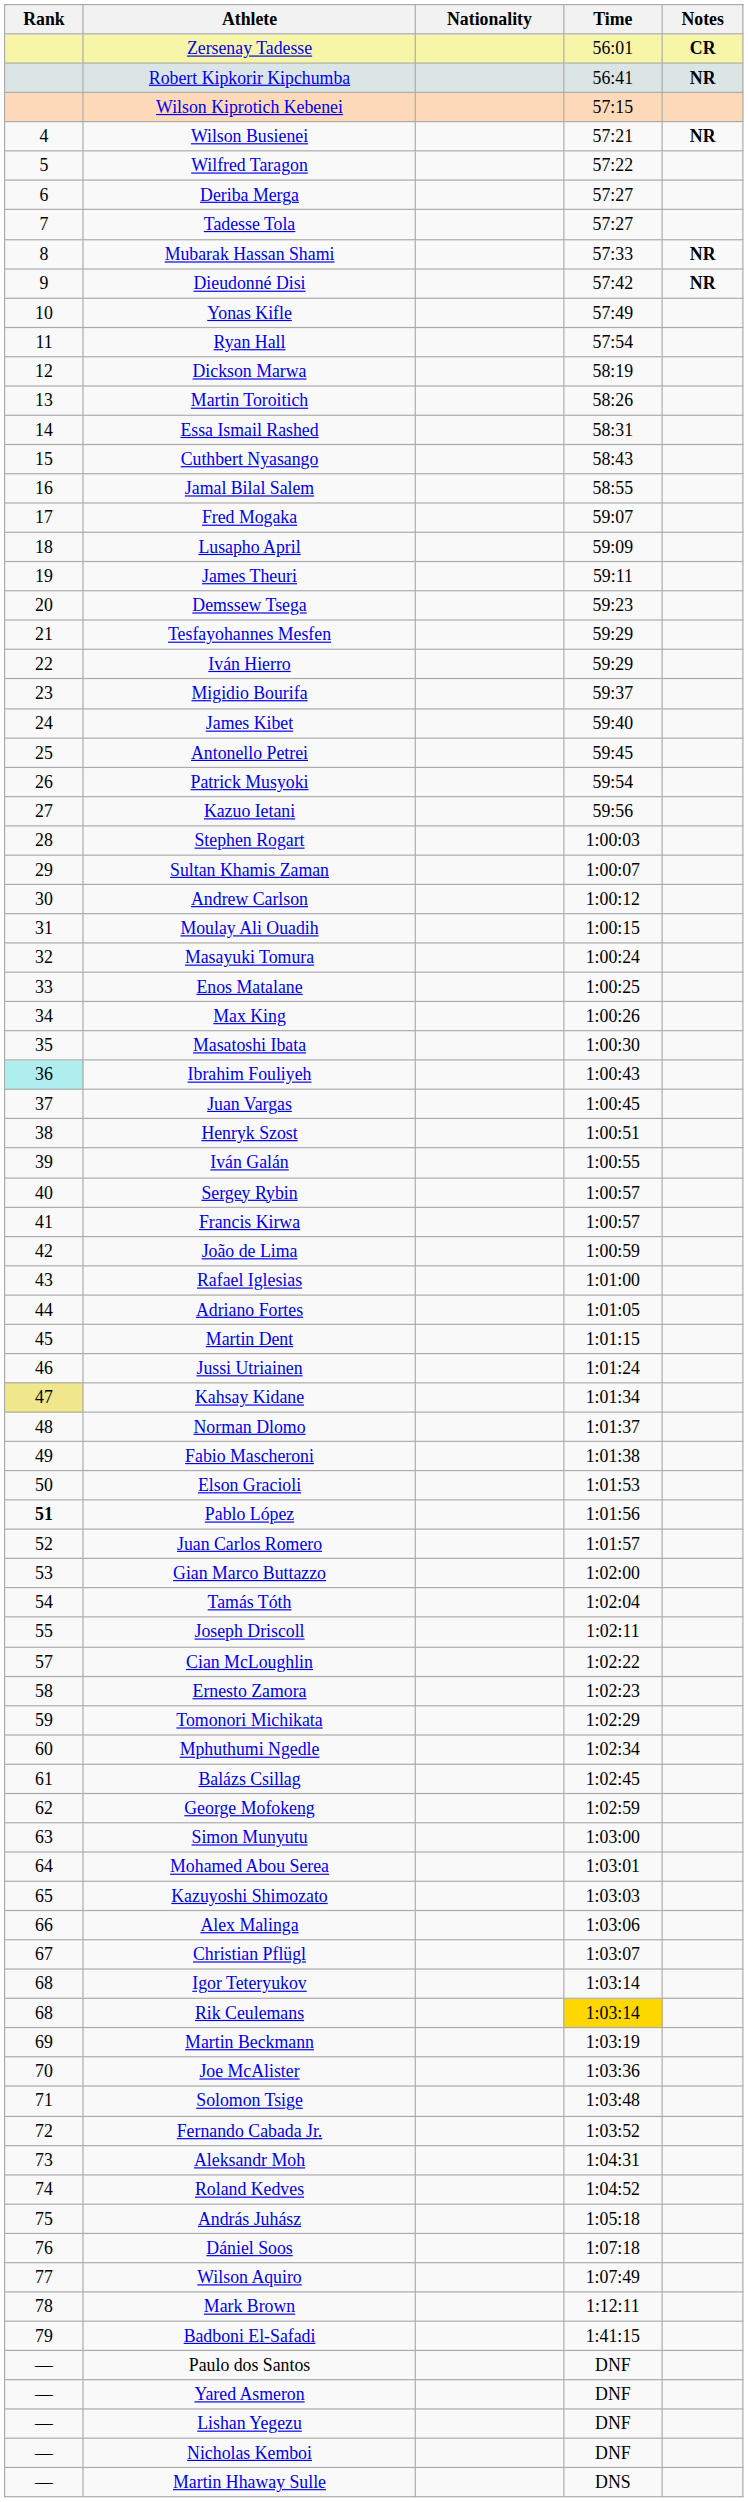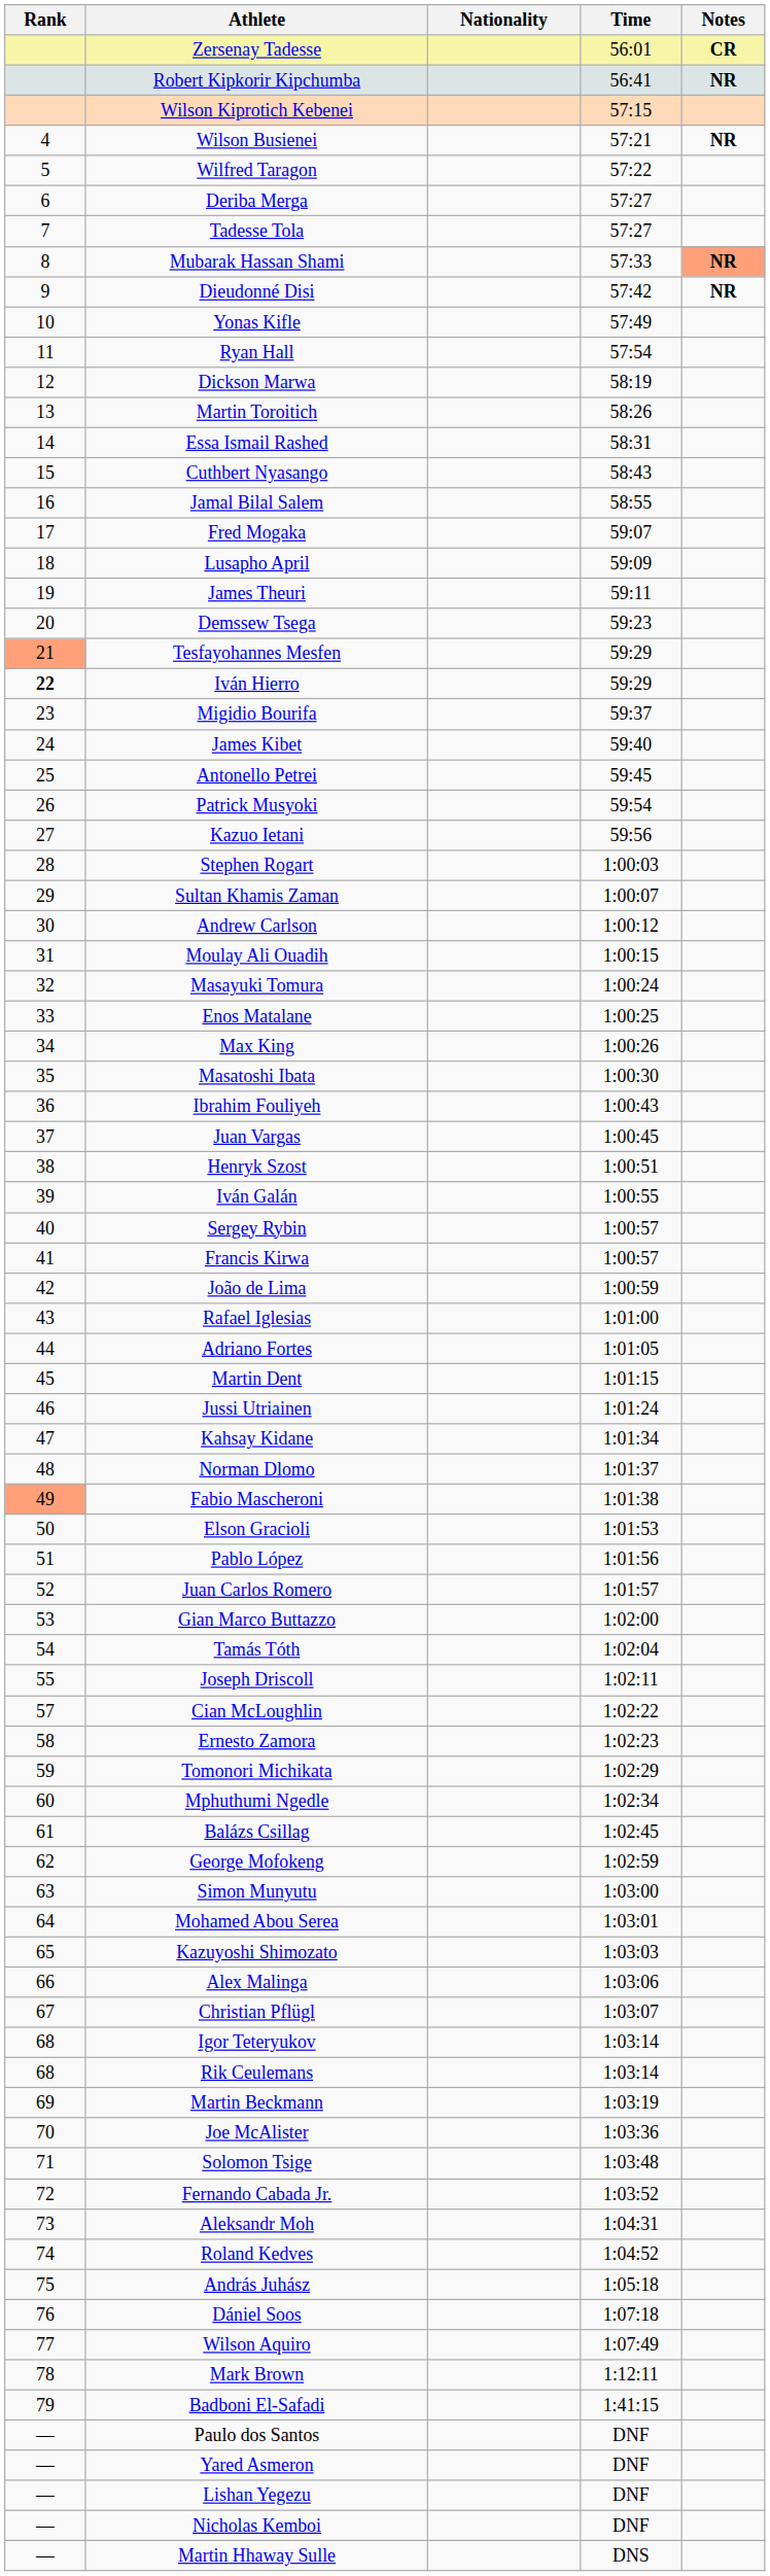 <table class="wikitable sortable" style=" text-align:center; font-size:95%;" width="50%">
 <tr>
 <th>Rank</th>
 <th>Athlete</th>
 <th>Nationality</th>
 <th>Time</th>
 <th>Notes</th>
 </tr>
 <tr bgcolor="#F7F6A8">
 <td align=center></td>
 <td><a href='#'>Zersenay Tadesse</a></td>
 <td></td>
 <td>56:01</td>
 <td><strong>CR</strong></td>
 </tr>
 <tr bgcolor="#DCE5E5">
 <td align=center></td>
 <td><a href='#'>Robert Kipkorir Kipchumba</a></td>
 <td></td>
 <td>56:41</td>
 <td><strong>NR</strong></td>
 </tr>
 <tr bgcolor="#FFDAB9">
 <td align=center></td>
 <td><a href='#'>Wilson Kiprotich Kebenei</a></td>
 <td></td>
 <td>57:15</td>
 <td></td>
 </tr>
 <tr>
 <td align=center>4</td>
 <td><a href='#'>Wilson Busienei</a></td>
 <td></td>
 <td>57:21</td>
 <td><strong>NR</strong></td>
 </tr>
 <tr>
 <td align=center>5</td>
 <td><a href='#'>Wilfred Taragon</a></td>
 <td></td>
 <td>57:22</td>
 <td></td>
 </tr>
 <tr>
 <td align=center>6</td>
 <td><a href='#'>Deriba Merga</a></td>
 <td></td>
 <td>57:27</td>
 <td></td>
 </tr>
 <tr>
 <td align=center>7</td>
 <td><a href='#'>Tadesse Tola</a></td>
 <td></td>
 <td>57:27</td>
 <td></td>
 </tr>
 <tr>
 <td align=center>8</td>
 <td><a href='#'>Mubarak Hassan Shami</a></td>
 <td></td>
 <td>57:33</td>
-<td><strong>NR</strong></td>
+<td style="background: lightsalmon;"><strong>NR</strong></td>
 </tr>
 <tr>
 <td align=center>9</td>
 <td><a href='#'>Dieudonné Disi</a></td>
 <td></td>
 <td>57:42</td>
 <td><strong>NR</strong></td>
 </tr>
 <tr>
 <td align=center>10</td>
 <td><a href='#'>Yonas Kifle</a></td>
 <td></td>
 <td>57:49</td>
 <td></td>
 </tr>
 <tr>
 <td align=center>11</td>
 <td><a href='#'>Ryan Hall</a></td>
 <td></td>
 <td>57:54</td>
 <td></td>
 </tr>
 <tr>
 <td align=center>12</td>
 <td><a href='#'>Dickson Marwa</a></td>
 <td></td>
 <td>58:19</td>
 <td></td>
 </tr>
 <tr>
 <td align=center>13</td>
 <td><a href='#'>Martin Toroitich</a></td>
 <td></td>
 <td>58:26</td>
 <td></td>
 </tr>
 <tr>
 <td align=center>14</td>
 <td><a href='#'>Essa Ismail Rashed</a></td>
 <td></td>
 <td>58:31</td>
 <td></td>
 </tr>
 <tr>
 <td align=center>15</td>
 <td><a href='#'>Cuthbert Nyasango</a></td>
 <td></td>
 <td>58:43</td>
 <td></td>
 </tr>
 <tr>
 <td align=center>16</td>
 <td><a href='#'>Jamal Bilal Salem</a></td>
 <td></td>
 <td>58:55</td>
 <td></td>
 </tr>
 <tr>
 <td align=center>17</td>
 <td><a href='#'>Fred Mogaka</a></td>
 <td></td>
 <td>59:07</td>
 <td></td>
 </tr>
 <tr>
 <td align=center>18</td>
 <td><a href='#'>Lusapho April</a></td>
 <td></td>
 <td>59:09</td>
 <td></td>
 </tr>
 <tr>
 <td align=center>19</td>
 <td><a href='#'>James Theuri</a></td>
 <td></td>
 <td>59:11</td>
 <td></td>
 </tr>
 <tr>
 <td align=center>20</td>
 <td><a href='#'>Demssew Tsega</a></td>
 <td></td>
 <td>59:23</td>
 <td></td>
 </tr>
 <tr>
-<td align=center>21</td>
+<td align=center style="background: lightsalmon;">21</td>
 <td><a href='#'>Tesfayohannes Mesfen</a></td>
 <td></td>
 <td>59:29</td>
 <td></td>
 </tr>
 <tr>
-<td align=center>22</td>
+<td align=center><strong>22</strong></td>
 <td><a href='#'>Iván Hierro</a></td>
 <td></td>
 <td>59:29</td>
 <td></td>
 </tr>
 <tr>
 <td align=center>23</td>
 <td><a href='#'>Migidio Bourifa</a></td>
 <td></td>
 <td>59:37</td>
 <td></td>
 </tr>
 <tr>
 <td align=center>24</td>
 <td><a href='#'>James Kibet</a></td>
 <td></td>
 <td>59:40</td>
 <td></td>
 </tr>
 <tr>
 <td align=center>25</td>
 <td><a href='#'>Antonello Petrei</a></td>
 <td></td>
 <td>59:45</td>
 <td></td>
 </tr>
 <tr>
 <td align=center>26</td>
 <td><a href='#'>Patrick Musyoki</a></td>
 <td></td>
 <td>59:54</td>
 <td></td>
 </tr>
 <tr>
 <td align=center>27</td>
 <td><a href='#'>Kazuo Ietani</a></td>
 <td></td>
 <td>59:56</td>
 <td></td>
 </tr>
 <tr>
 <td align=center>28</td>
 <td><a href='#'>Stephen Rogart</a></td>
 <td></td>
 <td>1:00:03</td>
 <td></td>
 </tr>
 <tr>
 <td align=center>29</td>
 <td><a href='#'>Sultan Khamis Zaman</a></td>
 <td></td>
 <td>1:00:07</td>
 <td></td>
 </tr>
 <tr>
 <td align=center>30</td>
 <td><a href='#'>Andrew Carlson</a></td>
 <td></td>
 <td>1:00:12</td>
 <td></td>
 </tr>
 <tr>
 <td align=center>31</td>
 <td><a href='#'>Moulay Ali Ouadih</a></td>
 <td></td>
 <td>1:00:15</td>
 <td></td>
 </tr>
 <tr>
 <td align=center>32</td>
 <td><a href='#'>Masayuki Tomura</a></td>
 <td></td>
 <td>1:00:24</td>
 <td></td>
 </tr>
 <tr>
 <td align=center>33</td>
 <td><a href='#'>Enos Matalane</a></td>
 <td></td>
 <td>1:00:25</td>
 <td></td>
 </tr>
 <tr>
 <td align=center>34</td>
 <td><a href='#'>Max King</a></td>
 <td></td>
 <td>1:00:26</td>
 <td></td>
 </tr>
 <tr>
 <td align=center>35</td>
 <td><a href='#'>Masatoshi Ibata</a></td>
 <td></td>
 <td>1:00:30</td>
 <td></td>
 </tr>
 <tr>
-<td align=center style="background: paleturquoise;">36</td>
+<td align=center>36</td>
 <td><a href='#'>Ibrahim Fouliyeh</a></td>
 <td></td>
 <td>1:00:43</td>
 <td></td>
 </tr>
 <tr>
 <td align=center>37</td>
 <td><a href='#'>Juan Vargas</a></td>
 <td></td>
 <td>1:00:45</td>
 <td></td>
 </tr>
 <tr>
 <td align=center>38</td>
 <td><a href='#'>Henryk Szost</a></td>
 <td></td>
 <td>1:00:51</td>
 <td></td>
 </tr>
 <tr>
 <td align=center>39</td>
 <td><a href='#'>Iván Galán</a></td>
 <td></td>
 <td>1:00:55</td>
 <td></td>
 </tr>
 <tr>
 <td align=center>40</td>
 <td><a href='#'>Sergey Rybin</a></td>
 <td></td>
 <td>1:00:57</td>
 <td></td>
 </tr>
 <tr>
 <td align=center>41</td>
 <td><a href='#'>Francis Kirwa</a></td>
 <td></td>
 <td>1:00:57</td>
 <td></td>
 </tr>
 <tr>
 <td align=center>42</td>
 <td><a href='#'>João de Lima</a></td>
 <td></td>
 <td>1:00:59</td>
 <td></td>
 </tr>
 <tr>
 <td align=center>43</td>
 <td><a href='#'>Rafael Iglesias</a></td>
 <td></td>
 <td>1:01:00</td>
 <td></td>
 </tr>
 <tr>
 <td align=center>44</td>
 <td><a href='#'>Adriano Fortes</a></td>
 <td></td>
 <td>1:01:05</td>
 <td></td>
 </tr>
 <tr>
 <td align=center>45</td>
 <td><a href='#'>Martin Dent</a></td>
 <td></td>
 <td>1:01:15</td>
 <td></td>
 </tr>
 <tr>
 <td align=center>46</td>
 <td><a href='#'>Jussi Utriainen</a></td>
 <td></td>
 <td>1:01:24</td>
 <td></td>
 </tr>
 <tr>
-<td align=center style="background: khaki;">47</td>
+<td align=center>47</td>
 <td><a href='#'>Kahsay Kidane</a></td>
 <td></td>
 <td>1:01:34</td>
 <td></td>
 </tr>
 <tr>
 <td align=center>48</td>
 <td><a href='#'>Norman Dlomo</a></td>
 <td></td>
 <td>1:01:37</td>
 <td></td>
 </tr>
 <tr>
-<td align=center>49</td>
+<td align=center style="background: lightsalmon;">49</td>
 <td><a href='#'>Fabio Mascheroni</a></td>
 <td></td>
 <td>1:01:38</td>
 <td></td>
 </tr>
 <tr>
 <td align=center>50</td>
 <td><a href='#'>Elson Gracioli</a></td>
 <td></td>
 <td>1:01:53</td>
 <td></td>
 </tr>
 <tr>
-<td align=center><strong>51</strong></td>
+<td align=center>51</td>
 <td><a href='#'>Pablo López</a></td>
 <td></td>
 <td>1:01:56</td>
 <td></td>
 </tr>
 <tr>
 <td align=center>52</td>
 <td><a href='#'>Juan Carlos Romero</a></td>
 <td></td>
 <td>1:01:57</td>
 <td></td>
 </tr>
 <tr>
 <td align=center>53</td>
 <td><a href='#'>Gian Marco Buttazzo</a></td>
 <td></td>
 <td>1:02:00</td>
 <td></td>
 </tr>
 <tr>
 <td align=center>54</td>
 <td><a href='#'>Tamás Tóth</a></td>
 <td></td>
 <td>1:02:04</td>
 <td></td>
 </tr>
 <tr>
 <td align=center>55</td>
 <td><a href='#'>Joseph Driscoll</a></td>
 <td></td>
 <td>1:02:11</td>
 <td></td>
 </tr>
 <tr>
 <td align=center>57</td>
 <td><a href='#'>Cian McLoughlin</a></td>
 <td></td>
 <td>1:02:22</td>
 <td></td>
 </tr>
 <tr>
 <td align=center>58</td>
 <td><a href='#'>Ernesto Zamora</a></td>
 <td></td>
 <td>1:02:23</td>
 <td></td>
 </tr>
 <tr>
 <td align=center>59</td>
 <td><a href='#'>Tomonori Michikata</a></td>
 <td></td>
 <td>1:02:29</td>
 <td></td>
 </tr>
 <tr>
 <td align=center>60</td>
 <td><a href='#'>Mphuthumi Ngedle</a></td>
 <td></td>
 <td>1:02:34</td>
 <td></td>
 </tr>
 <tr>
 <td align=center>61</td>
 <td><a href='#'>Balázs Csillag</a></td>
 <td></td>
 <td>1:02:45</td>
 <td></td>
 </tr>
 <tr>
 <td align=center>62</td>
 <td><a href='#'>George Mofokeng</a></td>
 <td></td>
 <td>1:02:59</td>
 <td></td>
 </tr>
 <tr>
 <td align=center>63</td>
 <td><a href='#'>Simon Munyutu</a></td>
 <td></td>
 <td>1:03:00</td>
 <td></td>
 </tr>
 <tr>
 <td align=center>64</td>
 <td><a href='#'>Mohamed Abou Serea</a></td>
 <td></td>
 <td>1:03:01</td>
 <td></td>
 </tr>
 <tr>
 <td align=center>65</td>
 <td><a href='#'>Kazuyoshi Shimozato</a></td>
 <td></td>
 <td>1:03:03</td>
 <td></td>
 </tr>
 <tr>
 <td align=center>66</td>
 <td><a href='#'>Alex Malinga</a></td>
 <td></td>
 <td>1:03:06</td>
 <td></td>
 </tr>
 <tr>
 <td align=center>67</td>
 <td><a href='#'>Christian Pflügl</a></td>
 <td></td>
 <td>1:03:07</td>
 <td></td>
 </tr>
 <tr>
 <td align=center>68</td>
 <td><a href='#'>Igor Teteryukov</a></td>
 <td></td>
 <td>1:03:14</td>
 <td></td>
 </tr>
 <tr>
 <td align=center>68</td>
 <td><a href='#'>Rik Ceulemans</a></td>
 <td></td>
-<td style="background: gold;">1:03:14</td>
+<td>1:03:14</td>
 <td></td>
 </tr>
 <tr>
 <td align=center>69</td>
 <td><a href='#'>Martin Beckmann</a></td>
 <td></td>
 <td>1:03:19</td>
 <td></td>
 </tr>
 <tr>
 <td align=center>70</td>
 <td><a href='#'>Joe McAlister</a></td>
 <td></td>
 <td>1:03:36</td>
 <td></td>
 </tr>
 <tr>
 <td align=center>71</td>
 <td><a href='#'>Solomon Tsige</a></td>
 <td></td>
 <td>1:03:48</td>
 <td></td>
 </tr>
 <tr>
 <td align=center>72</td>
 <td><a href='#'>Fernando Cabada Jr.</a></td>
 <td></td>
 <td>1:03:52</td>
 <td></td>
 </tr>
 <tr>
 <td align=center>73</td>
 <td><a href='#'>Aleksandr Moh</a></td>
 <td></td>
 <td>1:04:31</td>
 <td></td>
 </tr>
 <tr>
 <td align=center>74</td>
 <td><a href='#'>Roland Kedves</a></td>
 <td></td>
 <td>1:04:52</td>
 <td></td>
 </tr>
 <tr>
 <td align=center>75</td>
 <td><a href='#'>András Juhász</a></td>
 <td></td>
 <td>1:05:18</td>
 <td></td>
 </tr>
 <tr>
 <td align=center>76</td>
 <td><a href='#'>Dániel Soos</a></td>
 <td></td>
 <td>1:07:18</td>
 <td></td>
 </tr>
 <tr>
 <td align=center>77</td>
 <td><a href='#'>Wilson Aquiro</a></td>
 <td></td>
 <td>1:07:49</td>
 <td></td>
 </tr>
 <tr>
 <td align=center>78</td>
 <td><a href='#'>Mark Brown</a></td>
 <td></td>
 <td>1:12:11</td>
 <td></td>
 </tr>
 <tr>
 <td align=center>79</td>
 <td><a href='#'>Badboni El-Safadi</a></td>
 <td></td>
 <td>1:41:15</td>
 </tr>
 <tr>
 <td align=center>—</td>
 <td>Paulo dos Santos</td>
 <td></td>
 <td>DNF</td>
 <td></td>
 </tr>
 <tr>
 <td align=center>—</td>
 <td><a href='#'>Yared Asmeron</a></td>
 <td></td>
 <td>DNF</td>
 <td></td>
 </tr>
 <tr>
 <td align=center>—</td>
 <td><a href='#'>Lishan Yegezu</a></td>
 <td></td>
 <td>DNF</td>
 <td></td>
 </tr>
 <tr>
 <td align=center>—</td>
 <td><a href='#'>Nicholas Kemboi</a></td>
 <td></td>
 <td>DNF</td>
 <td></td>
 </tr>
 <tr>
 <td align=center>—</td>
 <td><a href='#'>Martin Hhaway Sulle</a></td>
 <td></td>
 <td>DNS</td>
 <td></td>
 </tr>
 </table>
